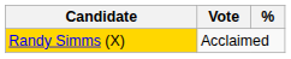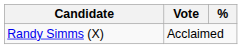 <table class="wikitable">
 <tr>
 <th bgcolor="#DDDDFF" width="200px">Candidate</th>
 <th bgcolor="#DDDDFF" width="50px">Vote</th>
 <th bgcolor="#DDDDFF" width="30px">%</th>
 </tr>
 <tr>
-<td style="background: gold;"><a href='#'>Randy Simms</a> (X)</td>
+<td><a href='#'>Randy Simms</a> (X)</td>
 <td colspan="2">Acclaimed</td>
 </tr>
 </table>
